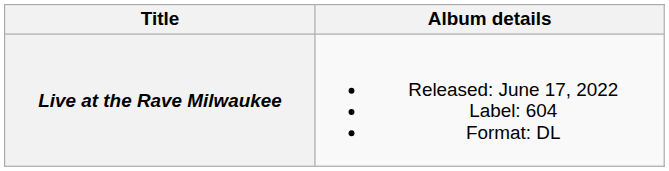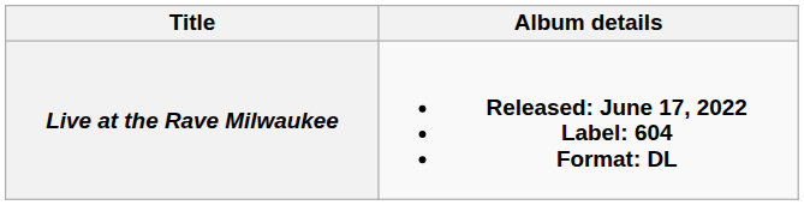 <table class="wikitable plainrowheaders" style="text-align:center;">
 <tr>
 <th scope="col" style="width:16em;">Title</th>
 <th scope="col" style="width:18em;">Album details</th>
 </tr>
 <tr>
 <th scope="row"><em>Live at the Rave Milwaukee</em></th>
-<td><br><ul><li>Released: June 17, 2022</li><li>Label: 604</li><li>Format: DL</li></ul></td>
+<td><strong><br><ul><li>Released: June 17, 2022</li><li>Label: 604</li><li>Format: DL</li></ul></strong></td>
 </tr>
 </table>
